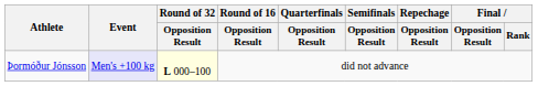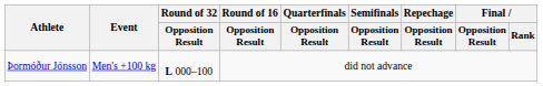 <table class="wikitable" style="font-size:90%">
 <tr>
 <th rowspan="2">Athlete</th>
 <th rowspan="2">Event</th>
 <th>Round of 32</th>
 <th>Round of 16</th>
 <th>Quarterfinals</th>
 <th>Semifinals</th>
 <th>Repechage</th>
 <th colspan=2>Final / </th>
 </tr>
 <tr style="font-size:95%">
 <th>Opposition<br>Result</th>
 <th>Opposition<br>Result</th>
 <th>Opposition<br>Result</th>
 <th>Opposition<br>Result</th>
 <th>Opposition<br>Result</th>
 <th>Opposition<br>Result</th>
 <th>Rank</th>
 </tr>
 <tr align=center>
 <td align=left><a href='#'>Þormóður Jónsson</a></td>
-<td align=left style="background: lavender;"><a href='#'>Men's +100 kg</a></td>
-<td style="background: lightyellow;"><br><strong>L</strong> 000–100</td>
+<td align=left><a href='#'>Men's +100 kg</a></td>
+<td><br><strong>L</strong> 000–100</td>
 <td colspan=6>did not advance</td>
 </tr>
 </table>
